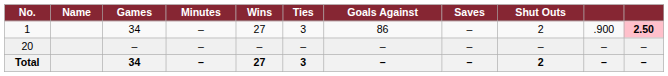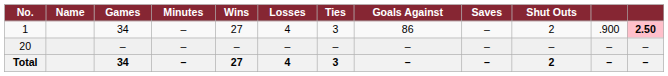 <table class="wikitable sortable" width ="1000">
 <tr align="center">
 <th style="color:white; background:#862633; ">No.</th>
 <th style="color:white; background:#862633; ">Name</th>
 <th style="color:white; background:#862633; ">Games</th>
 <th style="color:white; background:#862633; ">Minutes</th>
 <th style="color:white; background:#862633; ">Wins</th>
+<th style="color:white; background:#862633; ">Losses</th>
 <th style="color:white; background:#862633; ">Ties</th>
 <th style="color:white; background:#862633; ">Goals Against</th>
 <th style="color:white; background:#862633; ">Saves</th>
 <th style="color:white; background:#862633; ">Shut Outs</th>
 <th style="color:white; background:#862633; "><a href='#'></a></th>
 <th style="color:white; background:#862633; "><a href='#'></a></th>
 </tr>
 <tr align="center">
 <td>1</td>
 <td></td>
 <td>34</td>
 <td>–</td>
 <td>27</td>
+<td>4</td>
 <td>3</td>
 <td>86</td>
 <td>–</td>
 <td>2</td>
 <td>.900</td>
 <td style="background: pink;"><strong>2.50</strong></td>
 </tr>
 <tr align="center" bgcolor="#f0f0f0">
 <td>20</td>
 <td></td>
 <td>–</td>
 <td>–</td>
 <td>–</td>
 <td>–</td>
 <td>–</td>
 <td>–</td>
 <td>–</td>
 <td>–</td>
 <td>–</td>
+<td>–</td>
 </tr>
 <tr>
 <th>Total</th>
 <th></th>
 <th>34</th>
 <th>–</th>
 <th>27</th>
+<th>4</th>
 <th>3</th>
 <th>–</th>
 <th>–</th>
 <th>2</th>
 <th>–</th>
 <th>–</th>
 </tr>
 </table>
